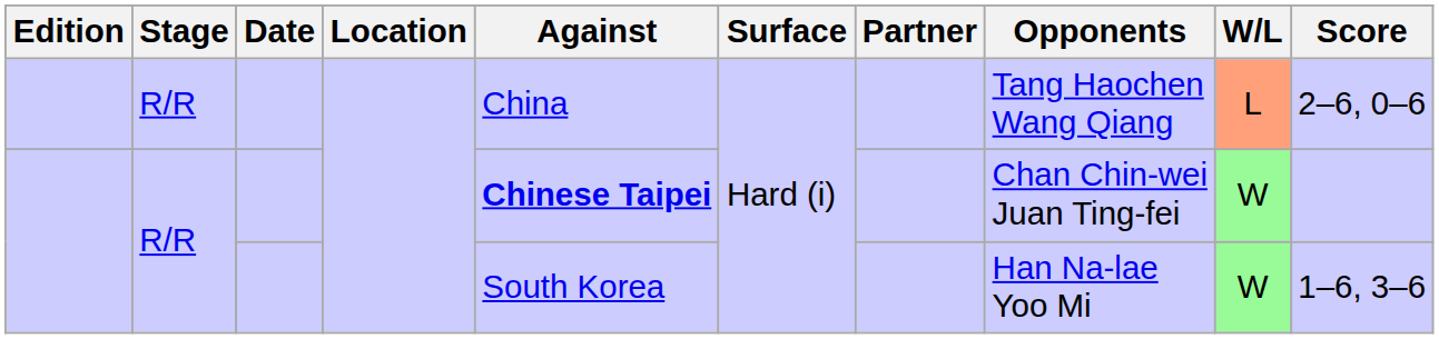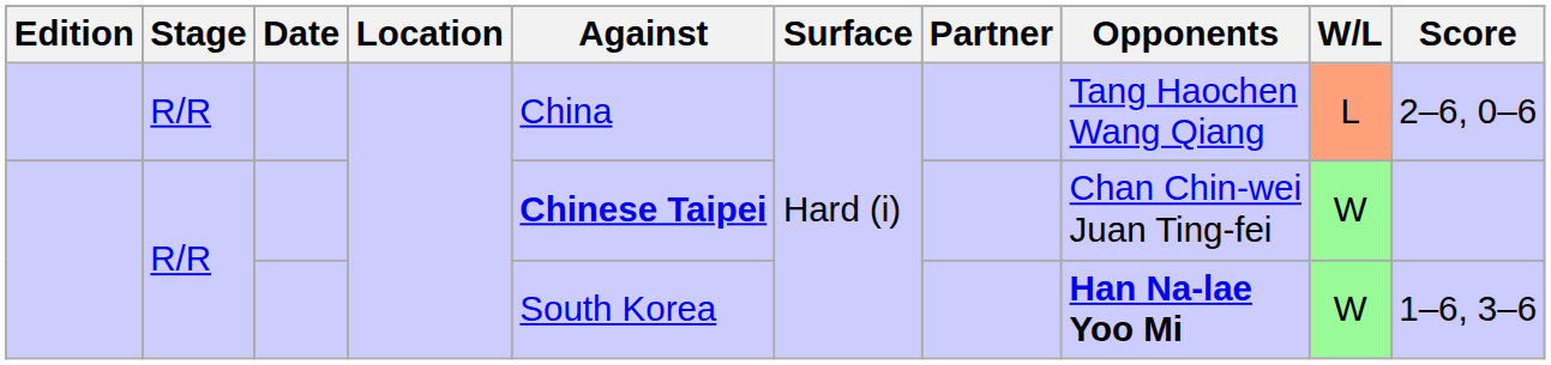 <table class=wikitable style=font-size:97%>
 <tr>
 <th>Edition</th>
 <th>Stage</th>
 <th>Date</th>
 <th>Location</th>
 <th>Against</th>
 <th>Surface</th>
 <th>Partner</th>
 <th>Opponents</th>
 <th>W/L</th>
 <th>Score</th>
 </tr>
 <tr style="background:#ccf;">
 <td rowspan="1"></td>
 <td rowspan="1"><a href='#'>R/R</a></td>
 <td></td>
 <td rowspan="3"></td>
 <td> <a href='#'>China</a></td>
 <td rowspan="3">Hard (i)</td>
 <td> </td>
 <td> <a href='#'>Tang Haochen</a> <br>  <a href='#'>Wang Qiang</a></td>
 <td style="text-align:center; background:#ffa07a;">L</td>
 <td>2–6, 0–6</td>
 </tr>
 <tr style="background:#ccf;">
 <td rowspan="2"></td>
 <td rowspan="2"><a href='#'>R/R</a></td>
 <td></td>
 <td><strong> <a href='#'>Chinese Taipei</a></strong></td>
 <td> </td>
 <td> <a href='#'>Chan Chin-wei</a> <br>  Juan Ting-fei</td>
 <td style="text-align:center; background:#98fb98;">W</td>
 <td></td>
 </tr>
 <tr style="background:#ccf;">
 <td></td>
 <td> <a href='#'>South Korea</a></td>
 <td> </td>
-<td> <a href='#'>Han Na-lae</a> <br>  Yoo Mi</td>
+<td><strong> <a href='#'>Han Na-lae</a> <br>  Yoo Mi</strong></td>
 <td style="text-align:center; background:#98fb98;">W</td>
 <td>1–6, 3–6</td>
 </tr>
 </table>
